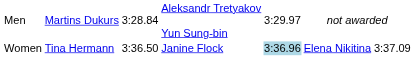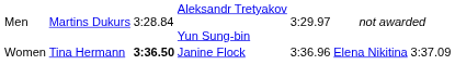 <table>
 <tr>
 <td>Men<br></td>
 <td><a href='#'>Martins Dukurs</a><br></td>
 <td>3:28.84</td>
 <td><a href='#'>Aleksandr Tretyakov</a><br><br><a href='#'>Yun Sung-bin</a><br></td>
 <td>3:29.97</td>
 <td colspan=2 align=center><em>not awarded</em></td>
 </tr>
 <tr>
 <td>Women<br></td>
 <td><a href='#'>Tina Hermann</a><br></td>
-<td>3:36.50</td>
+<td><strong>3:36.50</strong></td>
 <td><a href='#'>Janine Flock</a><br></td>
-<td style="background: lightblue;">3:36.96</td>
+<td>3:36.96</td>
 <td><a href='#'>Elena Nikitina</a><br></td>
 <td>3:37.09</td>
 </tr>
 </table>
